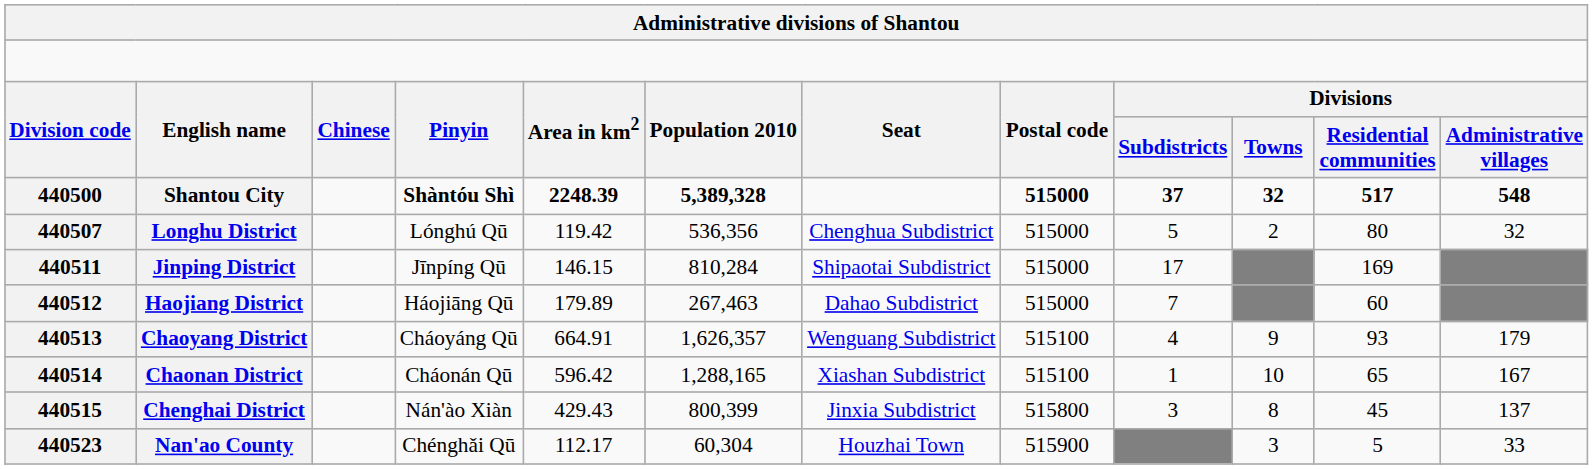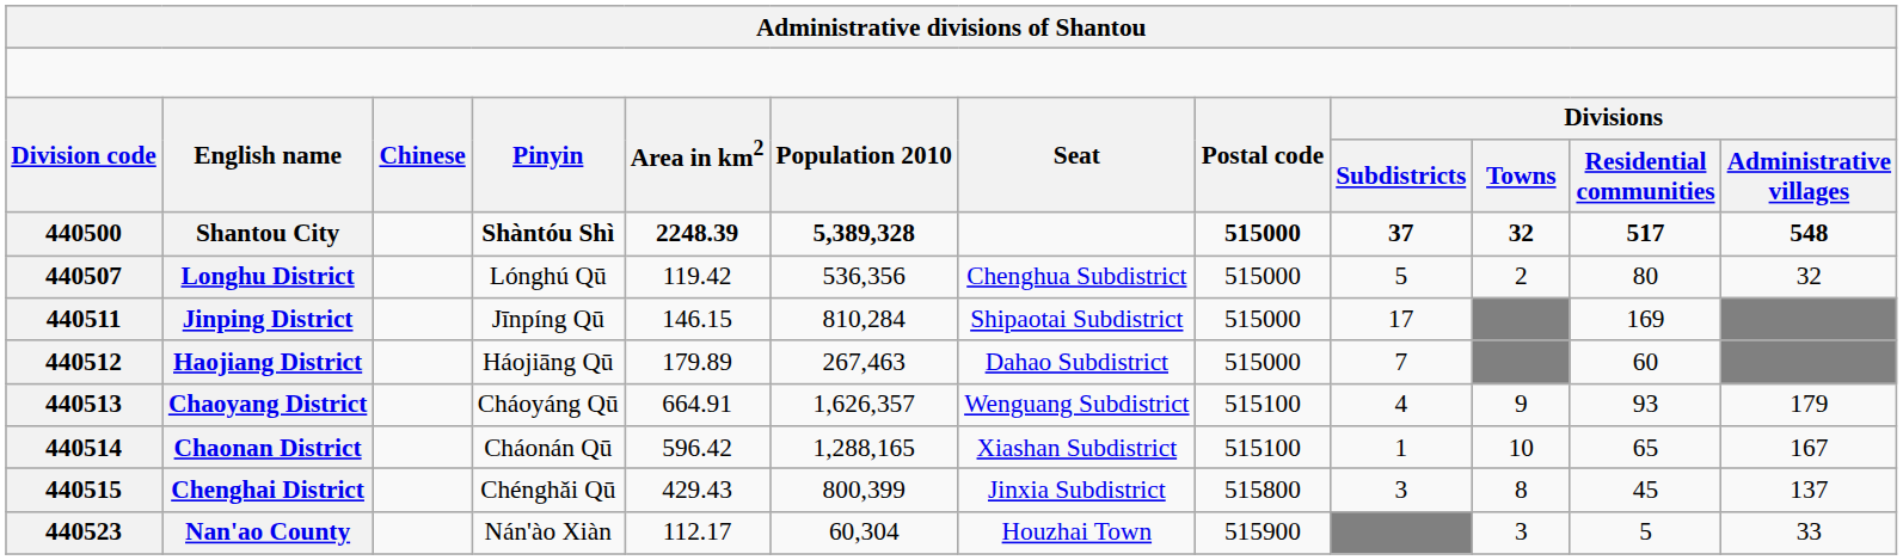 <table class="wikitable" style="margin:1em auto 1em auto; font-size:smaller; text-align:center">
 <tr>
 <th colspan="13"><strong>Administrative divisions of Shantou</strong></th>
 </tr>
 <tr>
 <td colspan="13" style="font-size:larger"><div><br>          </div></td>
 </tr>
 <tr>
 <th ! scope="col" rowspan=2><a href='#'>Division code</a></th>
 <th ! scope="col" rowspan=2>English name</th>
 <th ! scope="col" rowspan=2><a href='#'>Chinese</a></th>
 <th ! scope="col" rowspan=2><a href='#'>Pinyin</a></th>
 <th ! scope="col" rowspan=2>Area in km<sup>2</sup></th>
 <th ! scope="col" rowspan=2>Population 2010</th>
 <th ! scope="col" rowspan=2>Seat</th>
 <th ! scope="col" rowspan=2>Postal code</th>
 <th ! scope="col" colspan=5>Divisions</th>
 </tr>
 <tr>
 <th ! scope="col" width="45"><a href='#'>Subdistricts</a></th>
 <th ! scope="col" width="45"><a href='#'>Towns</a></th>
 <th ! scope="col" width="45"><a href='#'>Residential communities</a></th>
 <th ! scope="col" width="45"><a href='#'>Administrative villages</a></th>
 </tr>
 <tr style="font-weight: bold">
 <th>440500</th>
 <th>Shantou City</th>
 <td></td>
 <td>Shàntóu Shì</td>
 <td>2248.39</td>
 <td>5,389,328</td>
 <td></td>
 <td>515000</td>
 <td>37</td>
 <td>32</td>
 <td>517</td>
 <td>548</td>
 </tr>
 <tr>
 <th>440507</th>
 <th><a href='#'>Longhu District</a></th>
 <td></td>
 <td>Lónghú Qū</td>
 <td>119.42</td>
 <td>536,356</td>
 <td><a href='#'>Chenghua Subdistrict</a></td>
 <td>515000</td>
 <td>5</td>
 <td>2</td>
 <td>80</td>
 <td>32</td>
 </tr>
 <tr>
 <th>440511</th>
 <th><a href='#'>Jinping District</a></th>
 <td></td>
 <td>Jīnpíng Qū</td>
 <td>146.15</td>
 <td>810,284</td>
 <td><a href='#'>Shipaotai Subdistrict</a></td>
 <td>515000</td>
 <td>17</td>
 <td bgcolor="grey"></td>
 <td>169</td>
 <td bgcolor="grey"></td>
 </tr>
 <tr>
 <th>440512</th>
 <th><a href='#'>Haojiang District</a></th>
 <td></td>
 <td>Háojiāng Qū</td>
 <td>179.89</td>
 <td>267,463</td>
 <td><a href='#'>Dahao Subdistrict</a></td>
 <td>515000</td>
 <td>7</td>
 <td bgcolor="grey"></td>
 <td>60</td>
 <td bgcolor="grey"></td>
 </tr>
 <tr>
 <th>440513</th>
 <th><a href='#'>Chaoyang District</a></th>
 <td></td>
 <td>Cháoyáng Qū</td>
 <td>664.91</td>
 <td>1,626,357</td>
 <td><a href='#'>Wenguang Subdistrict</a></td>
 <td>515100</td>
 <td>4</td>
 <td>9</td>
 <td>93</td>
 <td>179</td>
 </tr>
 <tr>
 <th>440514</th>
 <th><a href='#'>Chaonan District</a></th>
 <td></td>
 <td>Cháonán Qū</td>
 <td>596.42</td>
 <td>1,288,165</td>
 <td><a href='#'>Xiashan Subdistrict</a></td>
 <td>515100</td>
 <td>1</td>
 <td>10</td>
 <td>65</td>
 <td>167</td>
 </tr>
 <tr>
 <th>440515</th>
 <th><a href='#'>Chenghai District</a></th>
 <td></td>
-<td>Nán'ào Xiàn</td>
+<td>Chénghǎi Qū</td>
 <td>429.43</td>
 <td>800,399</td>
 <td><a href='#'>Jinxia Subdistrict</a></td>
 <td>515800</td>
 <td>3</td>
 <td>8</td>
 <td>45</td>
 <td>137</td>
 </tr>
 <tr>
 <th>440523</th>
 <th><a href='#'>Nan'ao County</a></th>
 <td></td>
-<td>Chénghǎi Qū</td>
+<td>Nán'ào Xiàn</td>
 <td>112.17</td>
 <td>60,304</td>
 <td><a href='#'>Houzhai Town</a></td>
 <td>515900</td>
 <td bgcolor="grey"></td>
 <td>3</td>
 <td>5</td>
 <td>33</td>
 </tr>
 </table>
